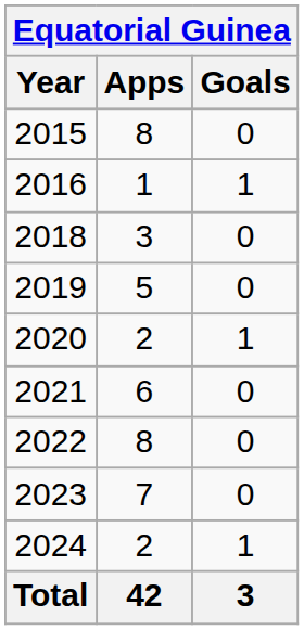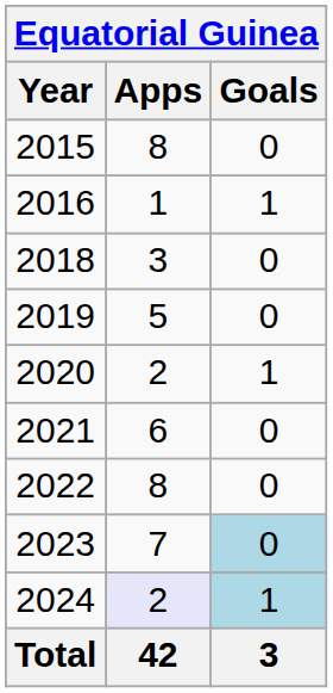 <table class="wikitable" style="text-align:center">
 <tr>
 <th colspan=3><a href='#'>Equatorial Guinea</a></th>
 </tr>
 <tr>
 <th>Year</th>
 <th>Apps</th>
 <th>Goals</th>
 </tr>
 <tr>
 <td>2015</td>
 <td>8</td>
 <td>0</td>
 </tr>
 <tr>
 <td>2016</td>
 <td>1</td>
 <td>1</td>
 </tr>
 <tr>
 <td>2018</td>
 <td>3</td>
 <td>0</td>
 </tr>
 <tr>
 <td>2019</td>
 <td>5</td>
 <td>0</td>
 </tr>
 <tr>
 <td>2020</td>
 <td>2</td>
 <td>1</td>
 </tr>
 <tr>
 <td>2021</td>
 <td>6</td>
 <td>0</td>
 </tr>
 <tr>
 <td>2022</td>
 <td>8</td>
 <td>0</td>
 </tr>
 <tr>
 <td>2023</td>
 <td>7</td>
-<td>0</td>
+<td style="background: lightblue;">0</td>
 </tr>
 <tr>
 <td>2024</td>
-<td>2</td>
-<td>1</td>
+<td style="background: lavender;">2</td>
+<td style="background: lightblue;">1</td>
 </tr>
 <tr>
 <th>Total</th>
 <th>42</th>
 <th>3</th>
 </tr>
 </table>
